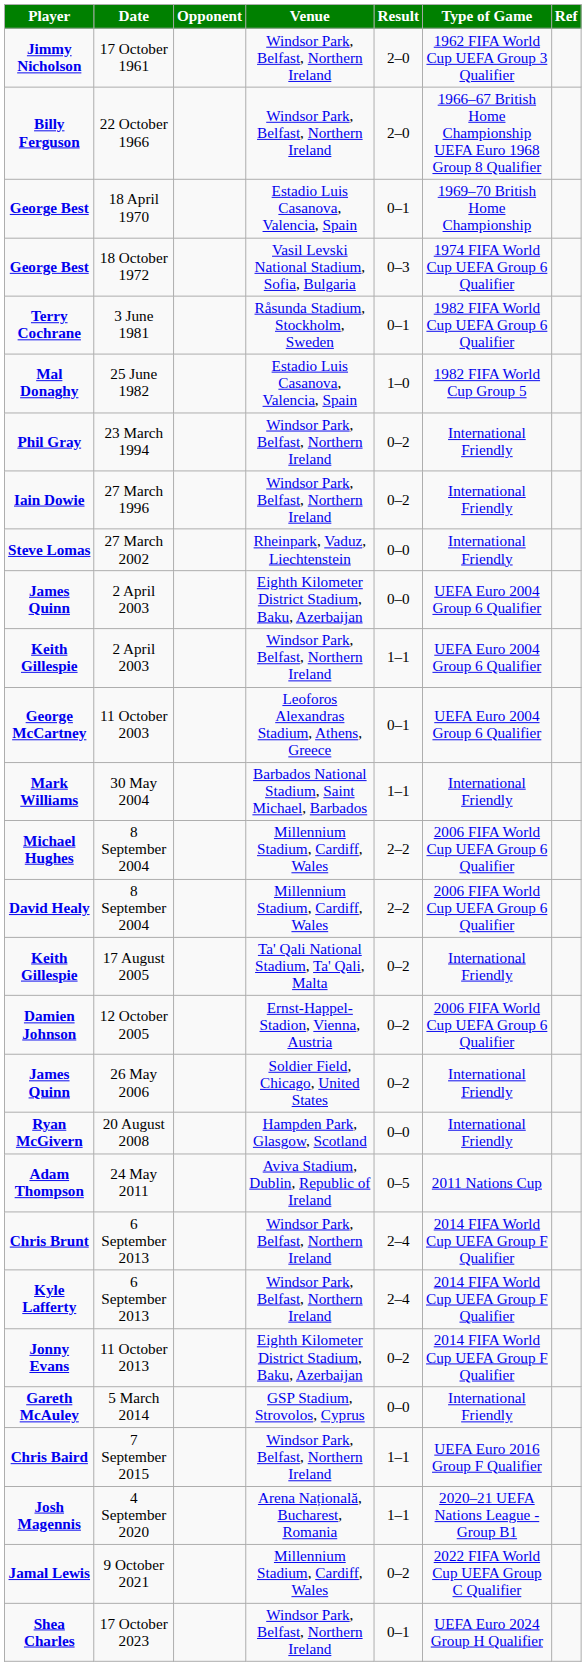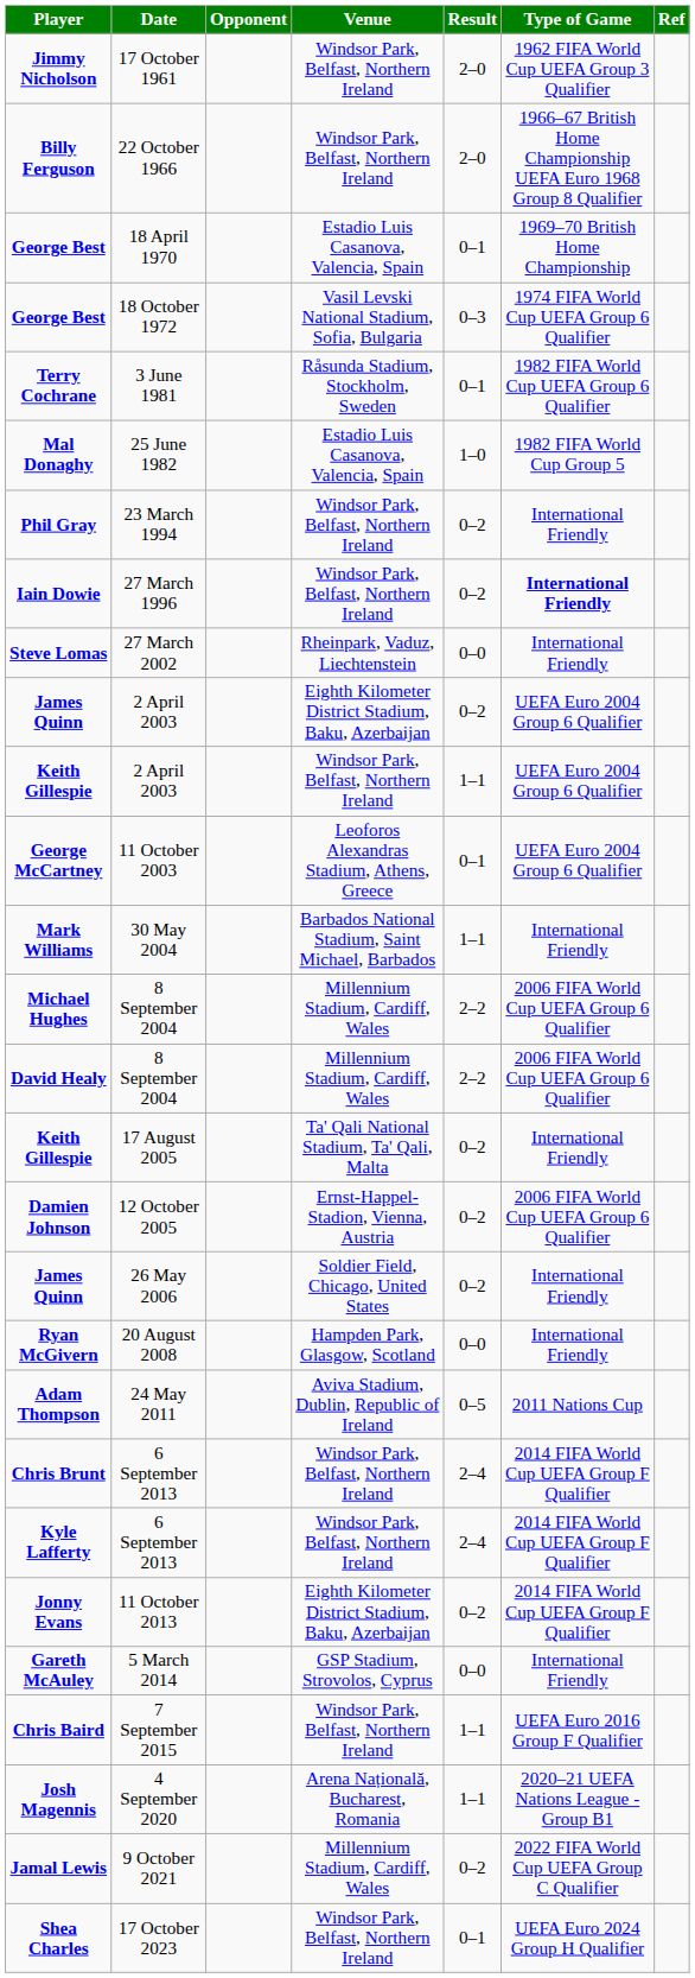 <table class="wikitable sortable" style="text-align:left;">
 <tr>
 <th style="background-color:#008000; color:white; ">Player</th>
 <th style="background-color:#008000; color:white; ">Date</th>
 <th style="background-color:#008000; color:white; ">Opponent</th>
 <th style="background-color:#008000; color:white; ">Venue</th>
 <th style="background-color:#008000; color:white; ">Result</th>
 <th style="background-color:#008000; color:white; ">Type of Game</th>
 <th style="background-color:#008000; color:white; ">Ref</th>
 </tr>
 <tr>
 <td align=center><strong><a href='#'>Jimmy Nicholson</a></strong></td>
 <td align=center>17 October 1961</td>
 <td align=left></td>
 <td align=center><a href='#'>Windsor Park</a>, <a href='#'>Belfast</a>, <a href='#'>Northern Ireland</a></td>
 <td align=center>2–0</td>
 <td align=center> <a href='#'>1962 FIFA World Cup UEFA Group 3 Qualifier</a></td>
 <td align=center></td>
 </tr>
 <tr>
 <td align=center><strong><a href='#'>Billy Ferguson</a></strong></td>
 <td align=center>22 October 1966</td>
 <td align=left></td>
 <td align=center><a href='#'>Windsor Park</a>, <a href='#'>Belfast</a>, <a href='#'>Northern Ireland</a></td>
 <td align=center>2–0</td>
 <td align=center>    <a href='#'>1966–67 British Home Championship</a><br> <a href='#'>UEFA Euro 1968 Group 8 Qualifier</a></td>
 <td align=center></td>
 </tr>
 <tr>
 <td align=center><strong><a href='#'>George Best</a></strong></td>
 <td align=center>18 April 1970</td>
 <td align=left></td>
 <td align=center><a href='#'>Estadio Luis Casanova</a>, <a href='#'>Valencia</a>, <a href='#'>Spain</a></td>
 <td align=center>0–1</td>
 <td align=center>    <a href='#'>1969–70 British Home Championship</a></td>
 <td align=center></td>
 </tr>
 <tr>
 <td align=center><strong><a href='#'>George Best</a></strong></td>
 <td align=center>18 October 1972</td>
 <td align=left></td>
 <td align=center><a href='#'>Vasil Levski National Stadium</a>, <a href='#'>Sofia</a>, <a href='#'>Bulgaria</a></td>
 <td align=center>0–3</td>
 <td align=center> <a href='#'>1974 FIFA World Cup UEFA Group 6 Qualifier</a></td>
 <td align=center></td>
 </tr>
 <tr>
 <td align=center><strong><a href='#'>Terry Cochrane</a></strong></td>
 <td align=center>3 June 1981</td>
 <td align=left></td>
 <td align=center><a href='#'>Råsunda Stadium</a>, <a href='#'>Stockholm</a>, <a href='#'>Sweden</a></td>
 <td align=center>0–1</td>
 <td align=center> <a href='#'>1982 FIFA World Cup UEFA Group 6 Qualifier</a></td>
 <td align=center></td>
 </tr>
 <tr>
 <td align=center><strong><a href='#'>Mal Donaghy</a></strong></td>
 <td align=center>25 June 1982</td>
 <td align=left></td>
 <td align=center><a href='#'>Estadio Luis Casanova</a>, <a href='#'>Valencia</a>, <a href='#'>Spain</a></td>
 <td align=center>1–0</td>
 <td align=center> <a href='#'>1982 FIFA World Cup Group 5</a></td>
 <td align=center></td>
 </tr>
 <tr>
 <td align=center><strong><a href='#'>Phil Gray</a></strong></td>
 <td align=center>23 March 1994</td>
 <td align=left></td>
 <td align=center><a href='#'>Windsor Park</a>, <a href='#'>Belfast</a>, <a href='#'>Northern Ireland</a></td>
 <td align=center>0–2</td>
 <td align=center><a href='#'>International Friendly</a></td>
 <td align=center></td>
 </tr>
 <tr>
 <td align=center><strong><a href='#'>Iain Dowie</a></strong></td>
 <td align=center>27 March 1996</td>
 <td align=left></td>
 <td align=center><a href='#'>Windsor Park</a>, <a href='#'>Belfast</a>, <a href='#'>Northern Ireland</a></td>
 <td align=center>0–2</td>
-<td align=center><a href='#'>International Friendly</a></td>
+<td align=center><strong><a href='#'>International Friendly</a></strong></td>
 <td align=center></td>
 </tr>
 <tr>
 <td align=center><strong><a href='#'>Steve Lomas</a></strong></td>
 <td align=center>27 March 2002</td>
 <td align=left></td>
 <td align=center><a href='#'>Rheinpark</a>, <a href='#'>Vaduz</a>, <a href='#'>Liechtenstein</a></td>
 <td align=center>0–0</td>
 <td align=center><a href='#'>International Friendly</a></td>
 <td align=center></td>
 </tr>
 <tr>
 <td align=center><strong><a href='#'>James Quinn</a></strong></td>
 <td align=center>2 April 2003</td>
 <td align=left></td>
 <td align=center><a href='#'>Eighth Kilometer District Stadium</a>, <a href='#'>Baku</a>, <a href='#'>Azerbaijan</a></td>
-<td align=center>0–0</td>
+<td align=center>0–2</td>
 <td align=center> <a href='#'>UEFA Euro 2004 Group 6 Qualifier</a></td>
 <td align=center></td>
 </tr>
 <tr>
 <td align=center><strong><a href='#'>Keith Gillespie</a></strong></td>
 <td align=center>2 April 2003</td>
 <td align=left></td>
 <td align=center><a href='#'>Windsor Park</a>, <a href='#'>Belfast</a>, <a href='#'>Northern Ireland</a></td>
 <td align=center>1–1</td>
 <td align=center> <a href='#'>UEFA Euro 2004 Group 6 Qualifier</a></td>
 <td align=center></td>
 </tr>
 <tr>
 <td align=center><strong><a href='#'>George McCartney</a></strong></td>
 <td align=center>11 October 2003</td>
 <td align=left></td>
 <td align=center><a href='#'>Leoforos Alexandras Stadium</a>, <a href='#'>Athens</a>, <a href='#'>Greece</a></td>
 <td align=center>0–1</td>
 <td align=center> <a href='#'>UEFA Euro 2004 Group 6 Qualifier</a></td>
 <td align=center></td>
 </tr>
 <tr>
 <td align=center><strong><a href='#'>Mark Williams</a></strong></td>
 <td align=center>30 May 2004</td>
 <td align=left></td>
 <td align=center><a href='#'>Barbados National Stadium</a>, <a href='#'>Saint Michael</a>, <a href='#'>Barbados</a></td>
 <td align=center>1–1</td>
 <td align=center><a href='#'>International Friendly</a></td>
 <td align=center></td>
 </tr>
 <tr>
 <td align=center><strong><a href='#'>Michael Hughes</a></strong></td>
 <td align=center>8 September 2004</td>
 <td align=left></td>
 <td align=center><a href='#'>Millennium Stadium</a>, <a href='#'>Cardiff</a>, <a href='#'>Wales</a></td>
 <td align=center>2–2</td>
 <td align=center> <a href='#'>2006 FIFA World Cup UEFA Group 6 Qualifier</a></td>
 <td align=center></td>
 </tr>
 <tr>
 <td align=center><strong><a href='#'>David Healy</a></strong></td>
 <td align=center>8 September 2004</td>
 <td align=left></td>
 <td align=center><a href='#'>Millennium Stadium</a>, <a href='#'>Cardiff</a>, <a href='#'>Wales</a></td>
 <td align=center>2–2</td>
 <td align=center> <a href='#'>2006 FIFA World Cup UEFA Group 6 Qualifier</a></td>
 <td align=center></td>
 </tr>
 <tr>
 <td align=center><strong><a href='#'>Keith Gillespie</a></strong></td>
 <td align=center>17 August 2005</td>
 <td align=left></td>
 <td align=center><a href='#'>Ta' Qali National Stadium</a>, <a href='#'>Ta' Qali</a>, <a href='#'>Malta</a></td>
 <td align=center>0–2</td>
 <td align=center><a href='#'>International Friendly</a></td>
 <td align=center></td>
 </tr>
 <tr>
 <td align=center><strong><a href='#'>Damien Johnson</a></strong></td>
 <td align=center>12 October 2005</td>
 <td align=left></td>
 <td align=center><a href='#'>Ernst-Happel-Stadion</a>, <a href='#'>Vienna</a>, <a href='#'>Austria</a></td>
 <td align=center>0–2</td>
 <td align=center> <a href='#'>2006 FIFA World Cup UEFA Group 6 Qualifier</a></td>
 <td align=center></td>
 </tr>
 <tr>
 <td align=center><strong><a href='#'>James Quinn</a></strong></td>
 <td align=center>26 May 2006</td>
 <td align=left></td>
 <td align=center><a href='#'>Soldier Field</a>, <a href='#'>Chicago</a>, <a href='#'>United States</a></td>
 <td align=center>0–2</td>
 <td align=center><a href='#'>International Friendly</a></td>
 <td align=center></td>
 </tr>
 <tr>
 <td align=center><strong><a href='#'>Ryan McGivern</a></strong></td>
 <td align=center>20 August 2008</td>
 <td align=left></td>
 <td align=center><a href='#'>Hampden Park</a>, <a href='#'>Glasgow</a>, <a href='#'>Scotland</a></td>
 <td align=center>0–0</td>
 <td align=center><a href='#'>International Friendly</a></td>
 <td align=center></td>
 </tr>
 <tr>
 <td align=center><strong><a href='#'>Adam Thompson</a></strong></td>
 <td align=center>24 May 2011</td>
 <td align=left></td>
 <td align=center><a href='#'>Aviva Stadium</a>, <a href='#'>Dublin</a>, <a href='#'>Republic of Ireland</a></td>
 <td align=center>0–5</td>
 <td align=center> <a href='#'>2011 Nations Cup</a></td>
 <td align=center></td>
 </tr>
 <tr>
 <td align=center><strong><a href='#'>Chris Brunt</a></strong></td>
 <td align=center>6 September 2013</td>
 <td align=left></td>
 <td align=center><a href='#'>Windsor Park</a>, <a href='#'>Belfast</a>, <a href='#'>Northern Ireland</a></td>
 <td align=center>2–4</td>
 <td align=center> <a href='#'>2014 FIFA World Cup UEFA Group F Qualifier</a></td>
 <td align=center></td>
 </tr>
 <tr>
 <td align=center><strong><a href='#'>Kyle Lafferty</a></strong></td>
 <td align=center>6 September 2013</td>
 <td align=left></td>
 <td align=center><a href='#'>Windsor Park</a>, <a href='#'>Belfast</a>, <a href='#'>Northern Ireland</a></td>
 <td align=center>2–4</td>
 <td align=center> <a href='#'>2014 FIFA World Cup UEFA Group F Qualifier</a></td>
 <td align=center></td>
 </tr>
 <tr>
 <td align=center><strong><a href='#'>Jonny Evans</a></strong></td>
 <td align=center>11 October 2013</td>
 <td align=left></td>
 <td align=center><a href='#'>Eighth Kilometer District Stadium</a>, <a href='#'>Baku</a>, <a href='#'>Azerbaijan</a></td>
 <td align=center>0–2</td>
 <td align=center> <a href='#'>2014 FIFA World Cup UEFA Group F Qualifier</a></td>
 <td align=center></td>
 </tr>
 <tr>
 <td align=center><strong><a href='#'>Gareth McAuley</a></strong></td>
 <td align=center>5 March 2014</td>
 <td align=left></td>
 <td align=center><a href='#'>GSP Stadium</a>, <a href='#'>Strovolos</a>, <a href='#'>Cyprus</a></td>
 <td align=center>0–0</td>
 <td align=center><a href='#'>International Friendly</a></td>
 <td align=center></td>
 </tr>
 <tr>
 <td align=center><strong><a href='#'>Chris Baird</a></strong></td>
 <td align=center>7 September 2015</td>
 <td align=left></td>
 <td align=center><a href='#'>Windsor Park</a>, <a href='#'>Belfast</a>, <a href='#'>Northern Ireland</a></td>
 <td align=center>1–1</td>
 <td align=center> <a href='#'>UEFA Euro 2016 Group F Qualifier</a></td>
 <td align=center></td>
 </tr>
 <tr>
 <td align=center><strong><a href='#'>Josh Magennis</a></strong></td>
 <td align=center>4 September 2020</td>
 <td align=left></td>
 <td align=center><a href='#'>Arena Națională</a>, <a href='#'>Bucharest</a>, <a href='#'>Romania</a></td>
 <td align=center>1–1</td>
 <td align=center><a href='#'>2020–21 UEFA Nations League - Group B1</a></td>
 <td align=center></td>
 </tr>
 <tr>
 <td align=center><strong><a href='#'>Jamal Lewis</a></strong></td>
 <td align=center>9 October 2021</td>
 <td align=left></td>
 <td align=center><a href='#'>Millennium Stadium</a>, <a href='#'>Cardiff</a>, <a href='#'>Wales</a></td>
 <td align=center>0–2</td>
 <td align=center> <a href='#'>2022 FIFA World Cup UEFA Group C Qualifier</a></td>
 <td align=center></td>
 </tr>
 <tr>
 <td align=center><strong><a href='#'>Shea Charles</a></strong></td>
 <td align=center>17 October 2023</td>
 <td align=left></td>
 <td align=center><a href='#'>Windsor Park</a>, <a href='#'>Belfast</a>, <a href='#'>Northern Ireland</a></td>
 <td align=center>0–1</td>
 <td align=center> <a href='#'>UEFA Euro 2024 Group H Qualifier</a></td>
 <td align=center></td>
 </tr>
 </table>
